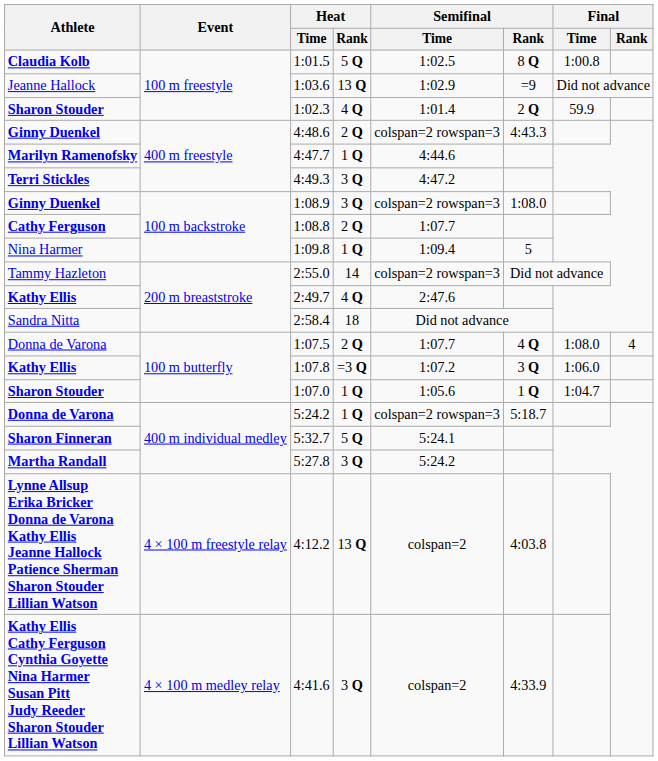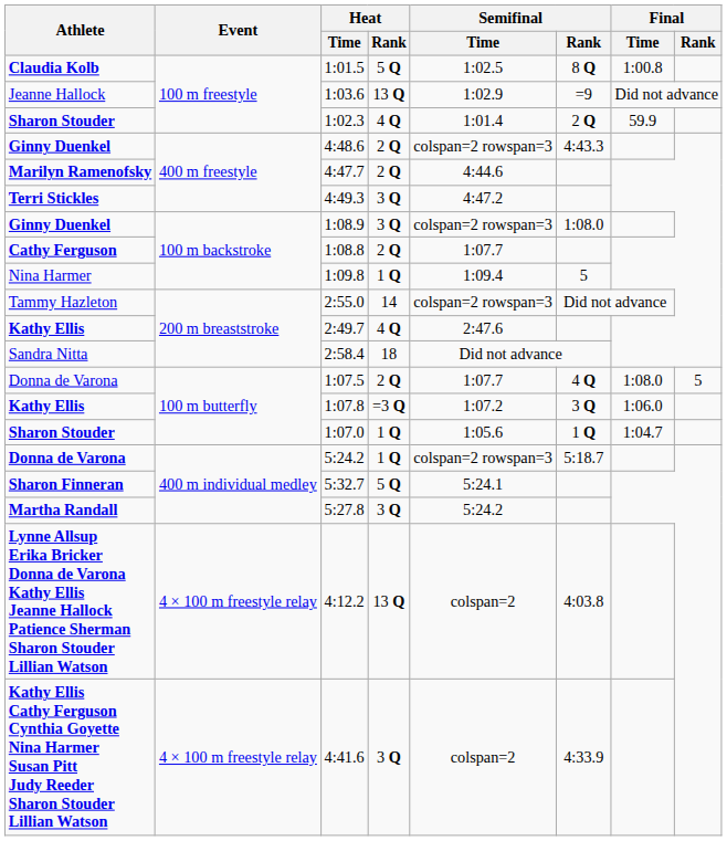 <table class=wikitable style=font-size:90%;text-align:center>
 <tr>
 <th rowspan=2>Athlete</th>
 <th rowspan=2>Event</th>
 <th colspan=2>Heat</th>
 <th colspan=2>Semifinal</th>
 <th colspan=2>Final</th>
 </tr>
 <tr style=font-size:95%>
 <th>Time</th>
 <th>Rank</th>
 <th>Time</th>
 <th>Rank</th>
 <th>Time</th>
 <th>Rank</th>
 </tr>
 <tr>
 <td align=left><strong><a href='#'>Claudia Kolb</a></strong></td>
 <td align=left rowspan=3><a href='#'>100 m freestyle</a></td>
 <td>1:01.5</td>
 <td>5 <strong>Q</strong></td>
 <td>1:02.5</td>
 <td>8 <strong>Q</strong></td>
 <td>1:00.8</td>
 <td></td>
 </tr>
 <tr>
 <td align=left><a href='#'>Jeanne Hallock</a></td>
 <td>1:03.6</td>
 <td>13 <strong>Q</strong></td>
 <td>1:02.9</td>
 <td>=9</td>
 <td colspan=2>Did not advance</td>
 </tr>
 <tr>
 <td align=left><strong><a href='#'>Sharon Stouder</a></strong></td>
 <td>1:02.3</td>
 <td>4 <strong>Q</strong></td>
 <td>1:01.4</td>
 <td>2 <strong>Q</strong></td>
 <td>59.9</td>
 <td></td>
 </tr>
 <tr>
 <td align=left><strong><a href='#'>Ginny Duenkel</a></strong></td>
 <td align=left rowspan=3><a href='#'>400 m freestyle</a></td>
 <td>4:48.6</td>
 <td>2 <strong>Q</strong></td>
 <td>colspan=2 rowspan=3 </td>
 <td>4:43.3 </td>
 <td></td>
 </tr>
 <tr>
 <td align=left><strong><a href='#'>Marilyn Ramenofsky</a></strong></td>
 <td>4:47.7</td>
-<td>1 <strong>Q</strong></td>
+<td>2 <strong>Q</strong></td>
 <td>4:44.6</td>
 <td></td>
 </tr>
 <tr>
 <td align=left><strong><a href='#'>Terri Stickles</a></strong></td>
 <td>4:49.3</td>
 <td>3 <strong>Q</strong></td>
 <td>4:47.2</td>
 <td></td>
 </tr>
 <tr>
 <td align=left><strong><a href='#'>Ginny Duenkel</a></strong></td>
 <td align=left rowspan=3><a href='#'>100 m backstroke</a></td>
 <td>1:08.9</td>
 <td>3 <strong>Q</strong></td>
 <td>colspan=2 rowspan=3 </td>
 <td>1:08.0</td>
 <td></td>
 </tr>
 <tr>
 <td align=left><strong><a href='#'>Cathy Ferguson</a></strong></td>
 <td>1:08.8</td>
 <td>2 <strong>Q</strong></td>
 <td>1:07.7 </td>
 <td></td>
 </tr>
 <tr>
 <td align=left><a href='#'>Nina Harmer</a></td>
 <td>1:09.8</td>
 <td>1 <strong>Q</strong></td>
 <td>1:09.4</td>
 <td>5</td>
 </tr>
 <tr>
 <td align=left><a href='#'>Tammy Hazleton</a></td>
 <td align=left rowspan=3><a href='#'>200 m breaststroke</a></td>
 <td>2:55.0</td>
 <td>14</td>
 <td>colspan=2 rowspan=3 </td>
 <td colspan=2>Did not advance</td>
 </tr>
 <tr>
 <td align=left><strong><a href='#'>Kathy Ellis</a></strong></td>
 <td>2:49.7</td>
 <td>4 <strong>Q</strong></td>
 <td>2:47.6</td>
 <td></td>
 </tr>
 <tr>
 <td align=left><a href='#'>Sandra Nitta</a></td>
 <td>2:58.4</td>
 <td>18</td>
 <td colspan=2>Did not advance</td>
 </tr>
 <tr>
 <td align=left><a href='#'>Donna de Varona</a></td>
 <td align=left rowspan=3><a href='#'>100 m butterfly</a></td>
 <td>1:07.5 </td>
 <td>2 <strong>Q</strong></td>
 <td>1:07.7</td>
 <td>4 <strong>Q</strong></td>
 <td>1:08.0</td>
-<td>4</td>
+<td>5</td>
 </tr>
 <tr>
 <td align=left><strong><a href='#'>Kathy Ellis</a></strong></td>
 <td>1:07.8 </td>
 <td>=3 <strong>Q</strong></td>
 <td>1:07.2</td>
 <td>3 <strong>Q</strong></td>
 <td>1:06.0</td>
 <td></td>
 </tr>
 <tr>
 <td align=left><strong><a href='#'>Sharon Stouder</a></strong></td>
 <td>1:07.0 </td>
 <td>1 <strong>Q</strong></td>
 <td>1:05.6 </td>
 <td>1 <strong>Q</strong></td>
 <td>1:04.7 </td>
 <td></td>
 </tr>
 <tr>
 <td align=left><strong><a href='#'>Donna de Varona</a></strong></td>
 <td align=left rowspan=3><a href='#'>400 m individual medley</a></td>
 <td>5:24.2</td>
 <td>1 <strong>Q</strong></td>
 <td>colspan=2 rowspan=3 </td>
 <td>5:18.7 </td>
 <td></td>
 </tr>
 <tr>
 <td align=left><strong><a href='#'>Sharon Finneran</a></strong></td>
 <td>5:32.7</td>
 <td>5 <strong>Q</strong></td>
 <td>5:24.1</td>
 <td></td>
 </tr>
 <tr>
 <td align=left><strong><a href='#'>Martha Randall</a></strong></td>
 <td>5:27.8</td>
 <td>3 <strong>Q</strong></td>
 <td>5:24.2</td>
 <td></td>
 </tr>
 <tr>
 <td align=left><strong><a href='#'>Lynne Allsup</a></strong><br><strong><a href='#'>Erika Bricker</a></strong><br><strong><a href='#'>Donna de Varona</a><br><a href='#'>Kathy Ellis</a><br><a href='#'>Jeanne Hallock</a></strong><br><strong><a href='#'>Patience Sherman</a></strong><br><strong><a href='#'>Sharon Stouder</a><br><a href='#'>Lillian Watson</a></strong></td>
 <td align=left><a href='#'>4 × 100 m freestyle relay</a></td>
 <td>4:12.2</td>
 <td>13 <strong>Q</strong></td>
 <td>colspan=2 </td>
 <td>4:03.8 </td>
 <td></td>
 </tr>
 <tr>
 <td align=left><strong><a href='#'>Kathy Ellis</a><br><a href='#'>Cathy Ferguson</a><br><a href='#'>Cynthia Goyette</a><br><a href='#'>Nina Harmer</a></strong><br><strong><a href='#'>Susan Pitt</a></strong><br><strong><a href='#'>Judy Reeder</a></strong><br><strong><a href='#'>Sharon Stouder</a><br><a href='#'>Lillian Watson</a></strong></td>
-<td align=left><a href='#'>4 × 100 m medley relay</a></td>
+<td align=left><a href='#'>4 × 100 m freestyle relay</a></td>
 <td>4:41.6</td>
 <td>3 <strong>Q</strong></td>
 <td>colspan=2 </td>
 <td>4:33.9 </td>
 <td></td>
 </tr>
 </table>
